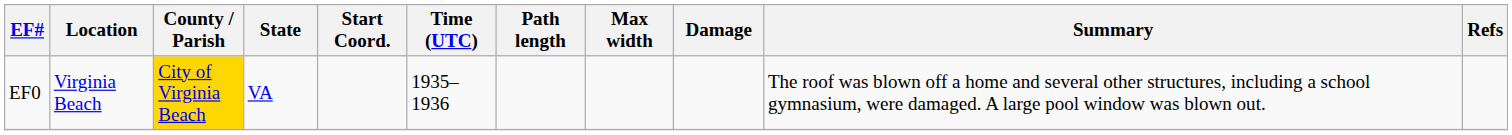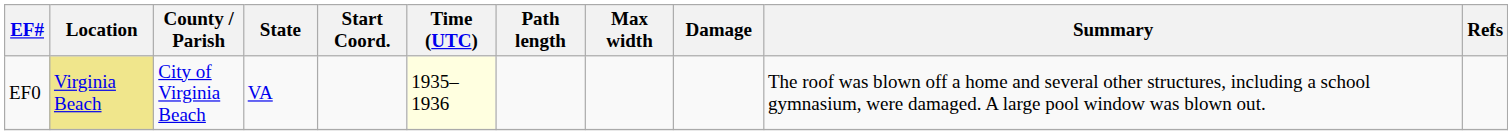 <table class="wikitable sortable" style="width:100%;">
 <tr>
 <th scope="col" width="3%" align="center"><a href='#'>EF#</a></th>
 <th scope="col" width="7%" align="center" class="unsortable">Location</th>
 <th scope="col" width="6%" align="center" class="unsortable">County / Parish</th>
 <th scope="col" width="5%" align="center">State</th>
 <th scope="col" width="6%" align="center">Start Coord.</th>
 <th scope="col" width="6%" align="center">Time (<a href='#'>UTC</a>)</th>
 <th scope="col" width="6%" align="center">Path length</th>
 <th scope="col" width="6%" align="center">Max width</th>
 <th scope="col" width="6%" align="center">Damage</th>
 <th scope="col" width="48%" class="unsortable" align="center">Summary</th>
 <th scope="col" width="48%" class="unsortable" align="center">Refs</th>
 </tr>
 <tr>
 <td>EF0</td>
-<td><a href='#'>Virginia Beach</a></td>
-<td style="background: gold;"><a href='#'>City of Virginia Beach</a></td>
+<td style="background: khaki;"><a href='#'>Virginia Beach</a></td>
+<td><a href='#'>City of Virginia Beach</a></td>
 <td><a href='#'>VA</a></td>
 <td></td>
-<td>1935–1936</td>
+<td style="background: lightyellow;">1935–1936</td>
 <td></td>
 <td></td>
 <td></td>
 <td>The roof was blown off a home and several other structures, including a school gymnasium, were damaged. A large pool window was blown out.</td>
 <td></td>
 </tr>
 <tr>
 </tr>
 </table>
